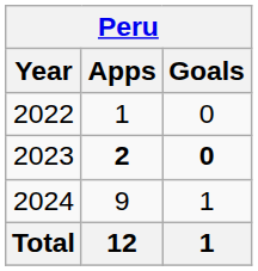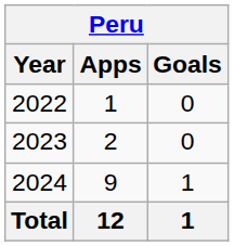 <table class="wikitable" style="text-align:center">
 <tr>
 <th colspan="3"><a href='#'>Peru</a></th>
 </tr>
 <tr>
 <th>Year</th>
 <th>Apps</th>
 <th>Goals</th>
 </tr>
 <tr>
 <td>2022</td>
 <td>1</td>
 <td>0</td>
 </tr>
 <tr>
 <td>2023</td>
-<td><strong>2</strong></td>
-<td><strong>0</strong></td>
+<td>2</td>
+<td>0</td>
 </tr>
 <tr>
 <td>2024</td>
 <td>9</td>
 <td>1</td>
 </tr>
 <tr>
 <th colspan="1">Total</th>
 <th>12</th>
 <th>1</th>
 </tr>
 </table>
